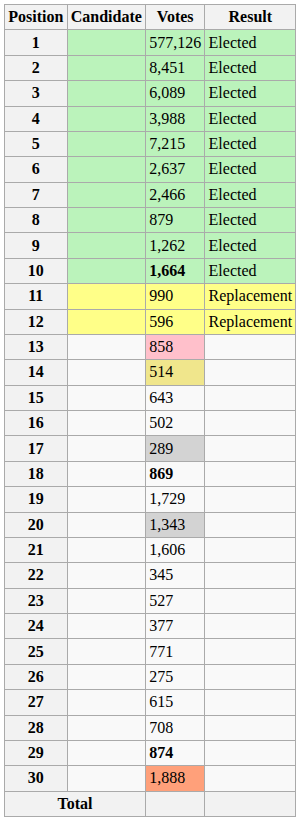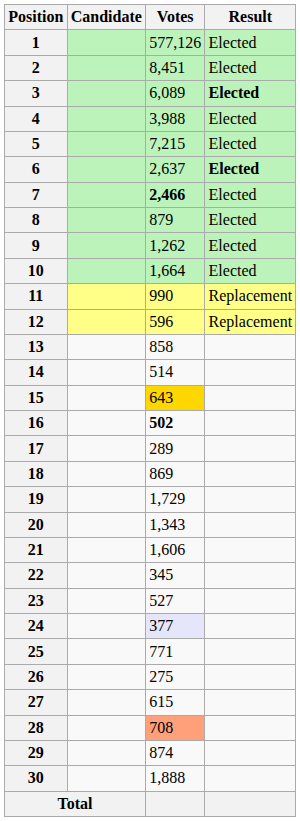 <table class="wikitable sortable col3right">
 <tr>
 <th scope="col">Position</th>
 <th scope="col">Candidate</th>
 <th scope="col">Votes</th>
 <th scope="col">Result</th>
 </tr>
 <tr bgcolor=bbf3bb>
 <th scope="row">1</th>
 <td></td>
 <td>577,126</td>
 <td>Elected</td>
 </tr>
 <tr bgcolor=bbf3bb>
 <th scope="row">2</th>
 <td></td>
 <td>8,451</td>
 <td>Elected</td>
 </tr>
 <tr bgcolor=bbf3bb>
 <th scope="row">3</th>
 <td></td>
 <td>6,089</td>
-<td>Elected</td>
+<td><strong>Elected</strong></td>
 </tr>
 <tr bgcolor=bbf3bb>
 <th scope="row">4</th>
 <td></td>
 <td>3,988</td>
 <td>Elected</td>
 </tr>
 <tr bgcolor=bbf3bb>
 <th scope="row">5</th>
 <td></td>
 <td>7,215</td>
 <td>Elected</td>
 </tr>
 <tr bgcolor=bbf3bb>
 <th scope="row">6</th>
 <td></td>
 <td>2,637</td>
-<td>Elected</td>
+<td><strong>Elected</strong></td>
 </tr>
 <tr bgcolor=bbf3bb>
 <th scope="row">7</th>
 <td></td>
-<td>2,466</td>
+<td><strong>2,466</strong></td>
 <td>Elected</td>
 </tr>
 <tr bgcolor=bbf3bb>
 <th scope="row">8</th>
 <td></td>
 <td>879</td>
 <td>Elected</td>
 </tr>
 <tr bgcolor=bbf3bb>
 <th scope="row">9</th>
 <td></td>
 <td>1,262</td>
 <td>Elected</td>
 </tr>
 <tr bgcolor=bbf3bb>
 <th scope="row">10</th>
 <td></td>
-<td><strong>1,664</strong></td>
+<td>1,664</td>
 <td>Elected</td>
 </tr>
 <tr bgcolor=#FF8>
 <th scope="row">11</th>
 <td></td>
 <td>990</td>
 <td>Replacement</td>
 </tr>
 <tr bgcolor=#FF8>
 <th scope="row">12</th>
 <td></td>
 <td>596</td>
 <td>Replacement</td>
 </tr>
 <tr>
 <th scope="row">13</th>
 <td></td>
-<td style="background: pink;">858</td>
+<td>858</td>
 <td></td>
 </tr>
 <tr>
 <th scope="row">14</th>
 <td></td>
-<td style="background: khaki;">514</td>
+<td>514</td>
 <td></td>
 </tr>
 <tr>
 <th scope="row">15</th>
 <td></td>
-<td>643</td>
+<td style="background: gold;">643</td>
 <td></td>
 </tr>
 <tr>
 <th scope="row">16</th>
 <td></td>
-<td>502</td>
+<td><strong>502</strong></td>
 <td></td>
 </tr>
 <tr>
 <th scope="row">17</th>
 <td></td>
-<td style="background: lightgrey;">289</td>
+<td>289</td>
 <td></td>
 </tr>
 <tr>
 <th scope="row">18</th>
 <td></td>
-<td><strong>869</strong></td>
+<td>869</td>
 <td></td>
 </tr>
 <tr>
 <th scope="row">19</th>
 <td></td>
 <td>1,729</td>
 <td></td>
 </tr>
 <tr>
 <th scope="row">20</th>
 <td></td>
-<td style="background: lightgrey;">1,343</td>
+<td>1,343</td>
 <td></td>
 </tr>
 <tr>
 <th scope="row">21</th>
 <td></td>
 <td>1,606</td>
 <td></td>
 </tr>
 <tr>
 <th scope="row">22</th>
 <td></td>
 <td>345</td>
 <td></td>
 </tr>
 <tr>
 <th scope="row">23</th>
 <td></td>
 <td>527</td>
 <td></td>
 </tr>
 <tr>
 <th scope="row">24</th>
 <td></td>
-<td>377</td>
+<td style="background: lavender;">377</td>
 <td></td>
 </tr>
 <tr>
 <th scope="row">25</th>
 <td></td>
 <td>771</td>
 <td></td>
 </tr>
 <tr>
 <th scope="row">26</th>
 <td></td>
 <td>275</td>
 <td></td>
 </tr>
 <tr>
 <th scope="row">27</th>
 <td></td>
 <td>615</td>
 <td></td>
 </tr>
 <tr>
 <th scope="row">28</th>
 <td></td>
-<td>708</td>
+<td style="background: lightsalmon;">708</td>
 <td></td>
 </tr>
 <tr>
 <th scope="row">29</th>
 <td></td>
-<td><strong>874</strong></td>
+<td>874</td>
 <td></td>
 </tr>
 <tr>
 <th scope="row">30</th>
 <td></td>
-<td style="background: lightsalmon;">1,888</td>
+<td>1,888</td>
 <td></td>
 </tr>
 <tr class="sortbottom">
 <th scope="row" colspan="2">Total</th>
 <th></th>
 <th></th>
 </tr>
 </table>
